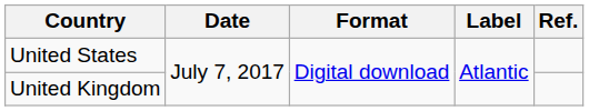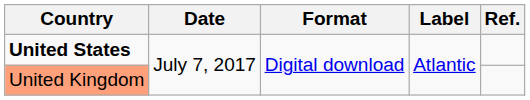 <table class="wikitable plainrowheaders">
 <tr>
 <th scope="col">Country</th>
 <th scope="col">Date</th>
 <th scope="col">Format</th>
 <th scope="col">Label</th>
 <th scope="col">Ref.</th>
 </tr>
 <tr>
-<td>United States</td>
+<td><strong>United States</strong></td>
 <td rowspan="2">July 7, 2017</td>
 <td rowspan="2"><a href='#'>Digital download</a></td>
 <td rowspan="2"><a href='#'>Atlantic</a></td>
 <td></td>
 </tr>
 <tr>
-<td>United Kingdom</td>
+<td style="background: lightsalmon;">United Kingdom</td>
 <td></td>
 </tr>
 </table>
